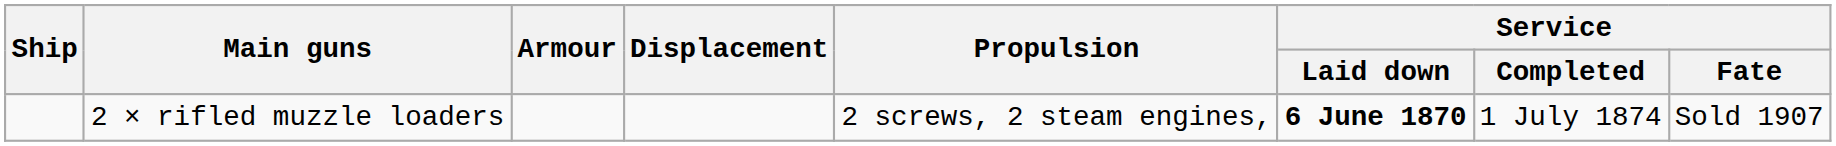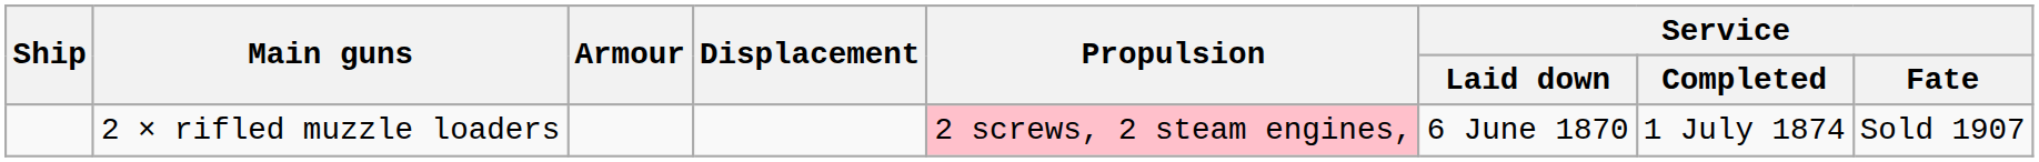 <table class="wikitable">
 <tr valign="center">
 <th align= center rowspan=2>Ship</th>
 <th align= center rowspan=2>Main guns</th>
 <th align= center rowspan=2>Armour</th>
 <th align= center rowspan=2>Displacement</th>
 <th align= center rowspan=2>Propulsion</th>
 <th align= center colspan=3>Service</th>
 </tr>
 <tr valign="top">
 <th align= center>Laid down</th>
 <th align= center>Completed</th>
 <th align= center>Fate</th>
 </tr>
 <tr valign="center">
 <td align= left></td>
 <td align= center>2 ×  rifled muzzle loaders</td>
 <td align= center></td>
 <td align= center></td>
-<td align= center>2 screws, 2 steam engines, </td>
-<td align= center><strong>6 June 1870</strong></td>
+<td align= center style="background: pink;">2 screws, 2 steam engines, </td>
+<td align= center>6 June 1870</td>
 <td align= center>1 July 1874</td>
 <td align= center>Sold 1907</td>
 </tr>
 </table>
